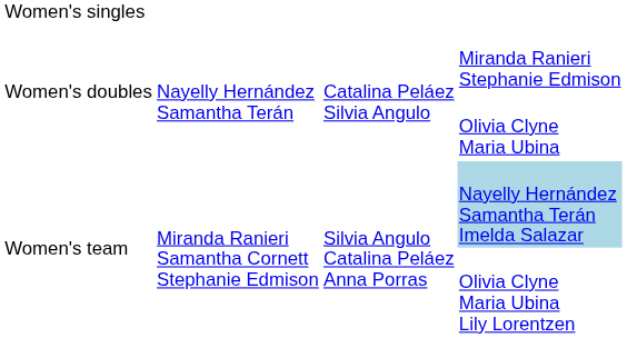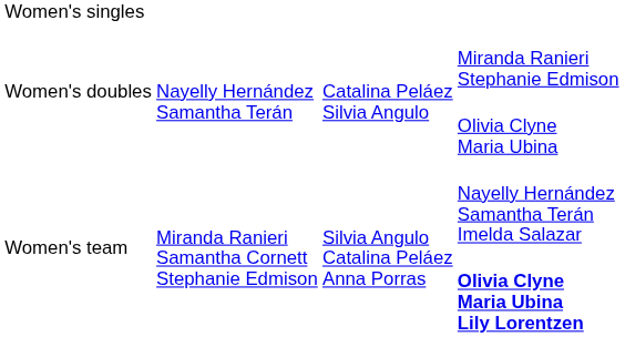 <table>
 <tr>
 <td rowspan=2>Women's singles<br></td>
 <td rowspan=2></td>
 <td rowspan=2></td>
 <td></td>
 </tr>
 <tr>
 <td></td>
 </tr>
 <tr>
 <td rowspan=2>Women's doubles<br></td>
 <td rowspan=2><br><a href='#'>Nayelly Hernández</a><br><a href='#'>Samantha Terán</a></td>
 <td rowspan=2><br><a href='#'>Catalina Peláez</a><br><a href='#'>Silvia Angulo</a></td>
 <td><br><a href='#'>Miranda Ranieri</a><br><a href='#'>Stephanie Edmison</a></td>
 </tr>
 <tr>
 <td><br><a href='#'>Olivia Clyne</a><br><a href='#'>Maria Ubina</a></td>
 </tr>
 <tr>
 <td rowspan=2>Women's team<br></td>
 <td rowspan=2><br><a href='#'>Miranda Ranieri</a><br><a href='#'>Samantha Cornett</a><br><a href='#'>Stephanie Edmison</a></td>
 <td rowspan=2><br><a href='#'>Silvia Angulo</a><br><a href='#'>Catalina Peláez</a><br><a href='#'>Anna Porras</a></td>
-<td style="background: lightblue;"><br><a href='#'>Nayelly Hernández</a><br><a href='#'>Samantha Terán</a><br><a href='#'>Imelda Salazar</a></td>
+<td><br><a href='#'>Nayelly Hernández</a><br><a href='#'>Samantha Terán</a><br><a href='#'>Imelda Salazar</a></td>
 </tr>
 <tr>
-<td><br><a href='#'>Olivia Clyne</a><br><a href='#'>Maria Ubina</a><br><a href='#'>Lily Lorentzen</a></td>
+<td><strong><br><a href='#'>Olivia Clyne</a><br><a href='#'>Maria Ubina</a><br><a href='#'>Lily Lorentzen</a></strong></td>
 </tr>
 </table>
